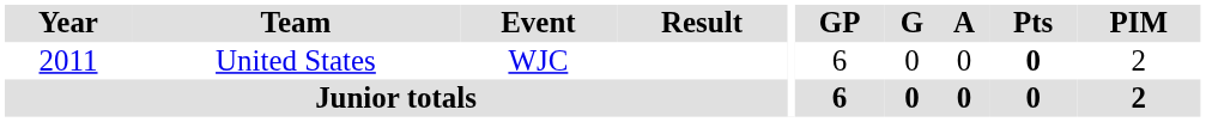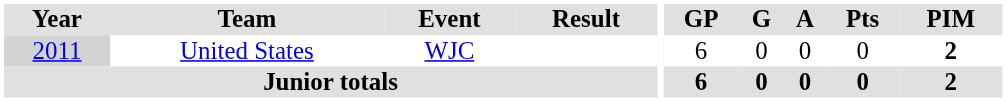 <table border="0" cellpadding="1" cellspacing="0" ID="Table3" style="text-align:center; width:40em">
 <tr ALIGN="center" bgcolor="#e0e0e0">
 <th>Year</th>
 <th>Team</th>
 <th>Event</th>
 <th>Result</th>
 <th rowspan="99" bgcolor="#ffffff"></th>
 <th>GP</th>
 <th>G</th>
 <th>A</th>
 <th>Pts</th>
 <th>PIM</th>
 </tr>
 <tr>
-<td><a href='#'>2011</a></td>
+<td style="background: lightgrey;"><a href='#'>2011</a></td>
 <td><a href='#'>United States</a></td>
 <td><a href='#'>WJC</a></td>
 <td></td>
 <td>6</td>
 <td>0</td>
 <td>0</td>
-<td><strong>0</strong></td>
-<td>2</td>
+<td>0</td>
+<td><strong>2</strong></td>
 </tr>
 <tr ALIGN="center" bgcolor="#e0e0e0">
 <th colspan=4>Junior totals</th>
 <th>6</th>
 <th>0</th>
 <th>0</th>
 <th>0</th>
 <th>2</th>
 </tr>
 </table>
